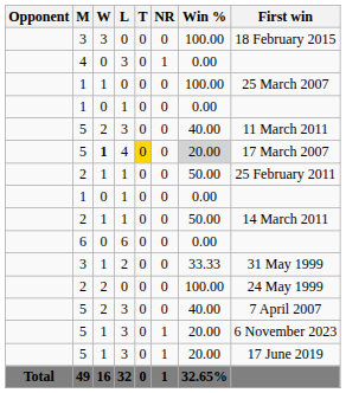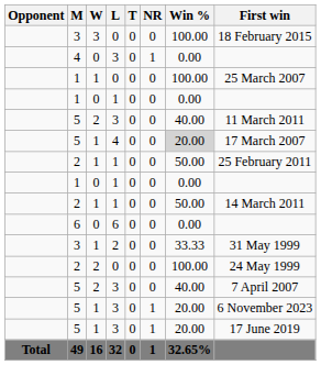 <table class="wikitable" style="text-align: center;">
 <tr>
 <th>Opponent</th>
 <th>M</th>
 <th>W</th>
 <th>L</th>
 <th>T</th>
 <th>NR</th>
 <th>Win %</th>
 <th>First win</th>
 </tr>
 <tr>
 <td align="left"></td>
 <td>3</td>
 <td>3</td>
 <td>0</td>
 <td>0</td>
 <td>0</td>
 <td>100.00</td>
 <td>18 February 2015</td>
 </tr>
 <tr>
 <td align="left"></td>
 <td>4</td>
 <td>0</td>
 <td>3</td>
 <td>0</td>
 <td>1</td>
 <td>0.00</td>
 <td></td>
 </tr>
 <tr>
 <td align="left"></td>
 <td>1</td>
 <td>1</td>
 <td>0</td>
 <td>0</td>
 <td>0</td>
 <td>100.00</td>
 <td>25 March 2007</td>
 </tr>
 <tr>
 <td align="left"></td>
 <td>1</td>
 <td>0</td>
 <td>1</td>
 <td>0</td>
 <td>0</td>
 <td>0.00</td>
 <td></td>
 </tr>
 <tr>
 <td align="left"></td>
 <td>5</td>
 <td>2</td>
 <td>3</td>
 <td>0</td>
 <td>0</td>
 <td>40.00</td>
 <td>11 March 2011</td>
 </tr>
 <tr>
 <td align="left"></td>
 <td>5</td>
-<td><strong>1</strong></td>
+<td>1</td>
 <td>4</td>
-<td style="background: gold;">0</td>
+<td>0</td>
 <td>0</td>
 <td style="background: lightgrey;">20.00</td>
 <td>17 March 2007</td>
 </tr>
 <tr>
 <td align="left"></td>
 <td>2</td>
 <td>1</td>
 <td>1</td>
 <td>0</td>
 <td>0</td>
 <td>50.00</td>
 <td>25 February 2011</td>
 </tr>
 <tr>
 <td align="left"></td>
 <td>1</td>
 <td>0</td>
 <td>1</td>
 <td>0</td>
 <td>0</td>
 <td>0.00</td>
 <td></td>
 </tr>
 <tr>
 <td align="left"></td>
 <td>2</td>
 <td>1</td>
 <td>1</td>
 <td>0</td>
 <td>0</td>
 <td>50.00</td>
 <td>14 March 2011</td>
 </tr>
 <tr>
 <td align="left"></td>
 <td>6</td>
 <td>0</td>
 <td>6</td>
 <td>0</td>
 <td>0</td>
 <td>0.00</td>
 <td></td>
 </tr>
 <tr>
 <td align="left"></td>
 <td>3</td>
 <td>1</td>
 <td>2</td>
 <td>0</td>
 <td>0</td>
 <td>33.33</td>
 <td>31 May 1999</td>
 </tr>
 <tr>
 <td align="left"></td>
 <td>2</td>
 <td>2</td>
 <td>0</td>
 <td>0</td>
 <td>0</td>
 <td>100.00</td>
 <td>24 May 1999</td>
 </tr>
 <tr>
 <td align="left"></td>
 <td>5</td>
 <td>2</td>
 <td>3</td>
 <td>0</td>
 <td>0</td>
 <td>40.00</td>
 <td>7 April 2007</td>
 </tr>
 <tr>
 <td align="left"></td>
 <td>5</td>
 <td>1</td>
 <td>3</td>
 <td>0</td>
 <td>1</td>
 <td>20.00</td>
 <td>6 November 2023</td>
 </tr>
 <tr>
 <td align="left"></td>
 <td>5</td>
 <td>1</td>
 <td>3</td>
 <td>0</td>
 <td>1</td>
 <td>20.00</td>
 <td>17 June 2019</td>
 </tr>
 <tr bgcolor=grey>
 <td><strong>Total</strong></td>
 <td><strong>49</strong></td>
 <td><strong>16</strong></td>
 <td><strong>32</strong></td>
 <td><strong>0</strong></td>
 <td><strong>1</strong></td>
 <td><strong>32.65%</strong></td>
 <td></td>
 </tr>
 <tr>
 </tr>
 </table>
